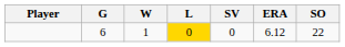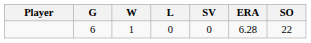 <table class="wikitable sortable">
 <tr>
 <th bgcolor="#DDDDFF" width="16%">Player</th>
 <th bgcolor="#DDDDFF" width="9%">G</th>
 <th bgcolor="#DDDDFF" width="9%">W</th>
 <th bgcolor="#DDDDFF" width="9%">L</th>
 <th bgcolor="#DDDDFF" width="9%">SV</th>
 <th bgcolor="#DDDDFF" width="9%">ERA</th>
 <th bgcolor="#DDDDFF" width="9%">SO</th>
 </tr>
 <tr align="center">
 <td></td>
 <td>6</td>
 <td>1</td>
-<td style="background: gold;">0</td>
 <td>0</td>
-<td>6.12</td>
+<td>0</td>
+<td>6.28</td>
 <td>22</td>
 </tr>
 </table>
